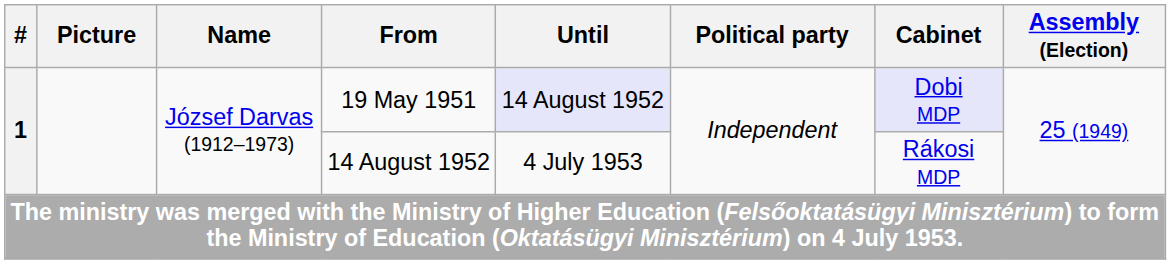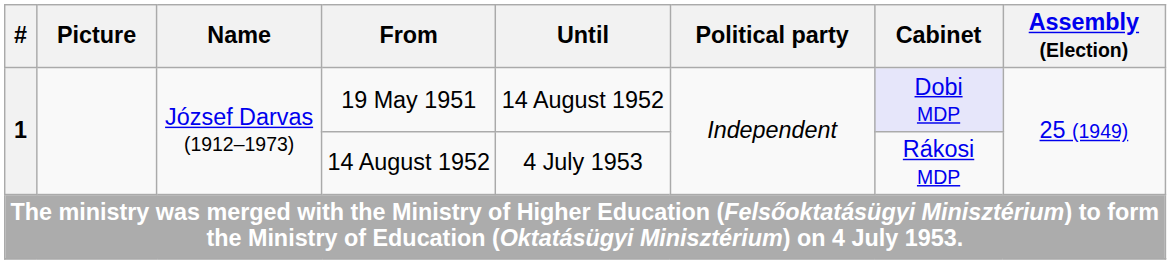 <table width=90% class="wikitable" style="text-align:center">
 <tr>
 <th>#</th>
 <th>Picture</th>
 <th>Name</th>
 <th>From</th>
 <th>Until</th>
 <th>Political party</th>
 <th>Cabinet</th>
 <th><a href='#'>Assembly</a><br><small>(Election)</small></th>
 </tr>
 <tr>
 <th rowspan="2" style="background-color:">1</th>
 <td rowspan="2"></td>
 <td rowspan="2"><a href='#'>József Darvas</a><br><small>(1912–1973)</small></td>
 <td>19 May 1951</td>
-<td style="background: lavender;">14 August 1952</td>
+<td>14 August 1952</td>
 <td rowspan="2"><em>Independent</em></td>
 <td style="background: lavender;"><a href='#'>Dobi</a><br><small><a href='#'>MDP</a></small></td>
 <td rowspan="2"><a href='#'>25 <small>(1949)</small></a></td>
 </tr>
 <tr>
 <td>14 August 1952</td>
 <td>4 July 1953</td>
 <td><a href='#'>Rákosi</a><br><small><a href='#'>MDP</a></small></td>
 </tr>
 <tr>
 <th colspan="8" style="background-color:#ACACAC; color:white">The ministry was merged with the Ministry of Higher Education (<em>Felsőoktatásügyi Minisztérium</em>) to form the Ministry of Education (<em>Oktatásügyi Minisztérium</em>) on 4 July 1953.</th>
 </tr>
 <tr>
 </tr>
 </table>
